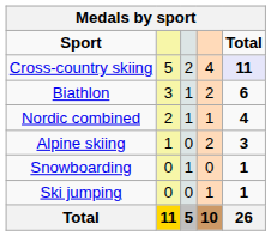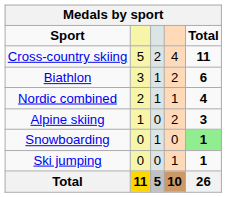 <table class="wikitable" style="font-size:85%;float:right;clear:right;">
 <tr style="background:#efefef;">
 <th colspan=5>Medals by sport</th>
 </tr>
 <tr align=center>
 <td><strong>Sport</strong></td>
 <td bgcolor=#f7f6a8></td>
 <td bgcolor=#dce5e5></td>
 <td bgcolor=#ffdab9></td>
 <td><strong>Total</strong></td>
 </tr>
 <tr align=center>
 <td><a href='#'>Cross-country skiing</a></td>
 <td style="background:#F7F6A8;">5</td>
 <td style="background:#DCE5E5;">2</td>
 <td style="background:#FFDAB9;">4</td>
-<td style="background: lavender;"><strong>11</strong></td>
+<td><strong>11</strong></td>
 </tr>
 <tr align=center>
 <td><a href='#'>Biathlon</a></td>
 <td style="background:#F7F6A8;">3</td>
 <td style="background:#DCE5E5;">1</td>
 <td style="background:#FFDAB9;">2</td>
 <td><strong>6</strong></td>
 </tr>
 <tr align=center>
 <td><a href='#'>Nordic combined</a></td>
 <td style="background:#F7F6A8;">2</td>
 <td style="background:#DCE5E5;">1</td>
 <td style="background:#FFDAB9;">1</td>
 <td><strong>4</strong></td>
 </tr>
 <tr align=center>
 <td><a href='#'>Alpine skiing</a></td>
 <td style="background:#F7F6A8;">1</td>
 <td style="background:#DCE5E5;">0</td>
 <td style="background:#FFDAB9;">2</td>
 <td><strong>3</strong></td>
 </tr>
 <tr align=center>
 <td><a href='#'>Snowboarding</a></td>
 <td style="background:#F7F6A8;">0</td>
 <td style="background:#DCE5E5;">1</td>
 <td style="background:#FFDAB9;">0</td>
-<td><strong>1</strong></td>
+<td style="background: lightgreen;"><strong>1</strong></td>
 </tr>
 <tr align=center>
 <td><a href='#'>Ski jumping</a></td>
 <td style="background:#F7F6A8;">0</td>
 <td style="background:#DCE5E5;">0</td>
 <td style="background:#FFDAB9;">1</td>
 <td><strong>1</strong></td>
 </tr>
 <tr align=center>
 <th>Total</th>
 <th style="background:gold;">11</th>
 <th style="background:silver;">5</th>
 <th style="background:#c96;">10</th>
 <th>26</th>
 </tr>
 </table>
